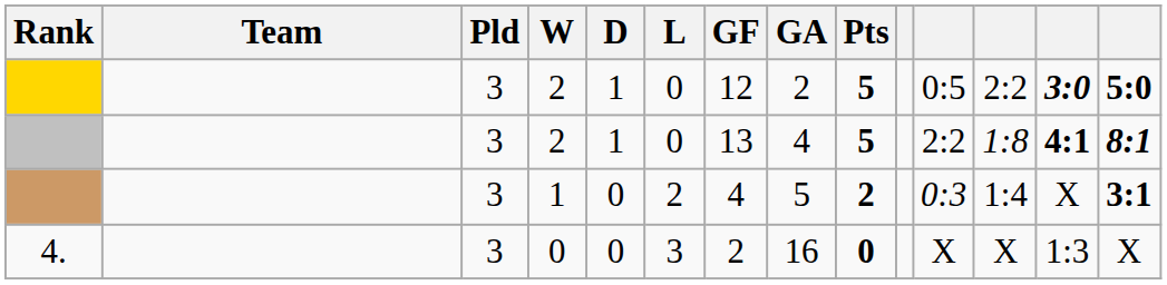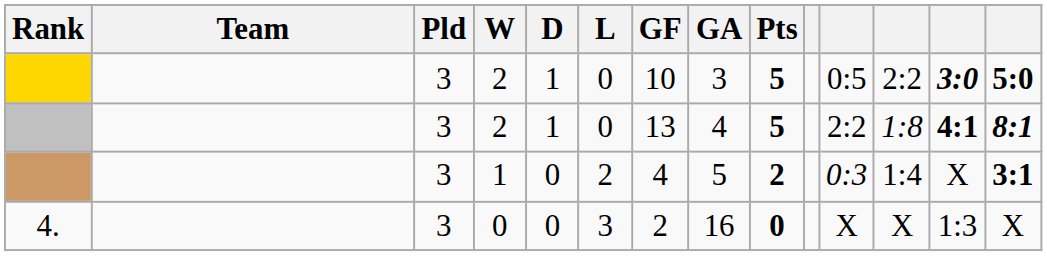 <table class="wikitable">
 <tr>
 <th bgcolor="#efefef">Rank</th>
 <th bgcolor="#efefef" width="160">Team</th>
 <th bgcolor="#efefef" width="20">Pld</th>
 <th bgcolor="#efefef" width="20">W</th>
 <th bgcolor="#efefef" width="20">D</th>
 <th bgcolor="#efefef" width="20">L</th>
 <th bgcolor="#efefef" width="20">GF</th>
 <th bgcolor="#efefef" width="20">GA</th>
 <th bgcolor="#efefef" width="20">Pts</th>
 <th bgcolor="#efefef"></th>
 <th bgcolor="#efefef" width="20"></th>
 <th bgcolor="#efefef" width="20"></th>
 <th bgcolor="#efefef" width="20"></th>
 <th bgcolor="#efefef" width="20"></th>
 </tr>
 <tr align=center>
 <td bgcolor=gold></td>
 <td align=left></td>
 <td>3</td>
 <td>2</td>
 <td>1</td>
 <td>0</td>
-<td>12</td>
-<td>2</td>
+<td>10</td>
+<td>3</td>
 <td><strong>5</strong></td>
 <td></td>
 <td>0:5</td>
 <td>2:2</td>
 <td><strong><em>3:0</em></strong></td>
 <td><strong>5:0</strong></td>
 </tr>
 <tr align=center>
 <td bgcolor=silver></td>
 <td align=left></td>
 <td>3</td>
 <td>2</td>
 <td>1</td>
 <td>0</td>
 <td>13</td>
 <td>4</td>
 <td><strong>5</strong></td>
 <td></td>
 <td>2:2</td>
 <td><em>1:8</em></td>
 <td><strong>4:1</strong></td>
 <td><strong><em>8:1</em></strong></td>
 </tr>
 <tr align=center>
 <td bgcolor=cc9966></td>
 <td align=left></td>
 <td>3</td>
 <td>1</td>
 <td>0</td>
 <td>2</td>
 <td>4</td>
 <td>5</td>
 <td><strong>2</strong></td>
 <td></td>
 <td><em>0:3</em></td>
 <td>1:4</td>
 <td>X</td>
 <td><strong>3:1</strong></td>
 </tr>
 <tr align=center>
 <td>4.</td>
 <td align=left></td>
 <td>3</td>
 <td>0</td>
 <td>0</td>
 <td>3</td>
 <td>2</td>
 <td>16</td>
 <td><strong>0</strong></td>
 <td></td>
 <td>X</td>
 <td>X</td>
 <td>1:3</td>
 <td>X</td>
 </tr>
 </table>
